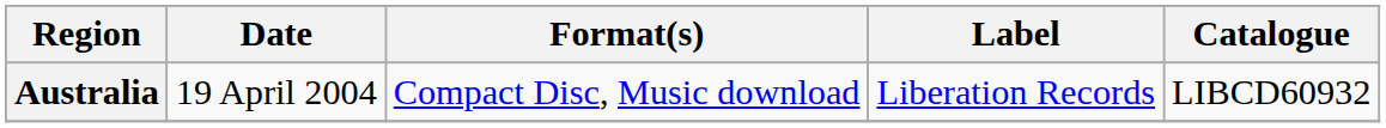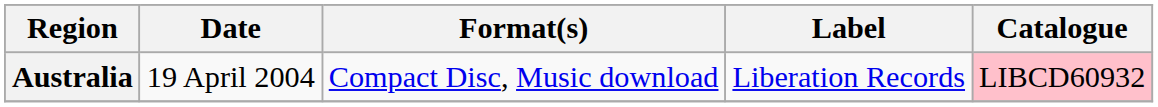 <table class="wikitable plainrowheaders">
 <tr>
 <th scope="col">Region</th>
 <th scope="col">Date</th>
 <th scope="col">Format(s)</th>
 <th scope="col">Label</th>
 <th scope="col">Catalogue</th>
 </tr>
 <tr>
 <th scope="row">Australia</th>
 <td>19 April 2004</td>
 <td><a href='#'>Compact Disc</a>, <a href='#'>Music download</a></td>
 <td><a href='#'>Liberation Records</a></td>
-<td>LIBCD60932</td>
+<td style="background: pink;">LIBCD60932</td>
 </tr>
 <tr>
 </tr>
 </table>
